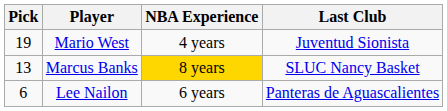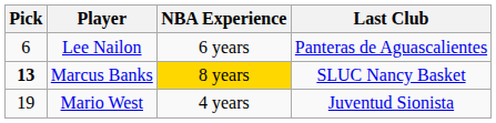 <table class="wikitable sortable sortable">
 <tr>
 </tr>
 <tr style="text-align: center">
 <th>Pick</th>
 <th>Player</th>
 <th>NBA Experience</th>
 <th>Last Club</th>
 </tr>
 <tr style="text-align: center">
-<td>19</td>
-<td><a href='#'>Mario West</a></td>
-<td>4 years</td>
-<td> <a href='#'>Juventud Sionista</a></td>
+<td>6</td>
+<td><a href='#'>Lee Nailon</a></td>
+<td>6 years</td>
+<td> <a href='#'>Panteras de Aguascalientes</a></td>
 </tr>
 <tr>
 </tr>
 <tr style="text-align: center">
-<td>13</td>
+<td><strong>13</strong></td>
 <td><a href='#'>Marcus Banks</a></td>
 <td style="background: gold;">8 years</td>
 <td> <a href='#'>SLUC Nancy Basket</a></td>
 </tr>
 <tr>
 </tr>
 <tr style="text-align: center">
-<td>6</td>
-<td><a href='#'>Lee Nailon</a></td>
-<td>6 years</td>
-<td> <a href='#'>Panteras de Aguascalientes</a></td>
+<td>19</td>
+<td><a href='#'>Mario West</a></td>
+<td>4 years</td>
+<td> <a href='#'>Juventud Sionista</a></td>
 </tr>
 </table>
